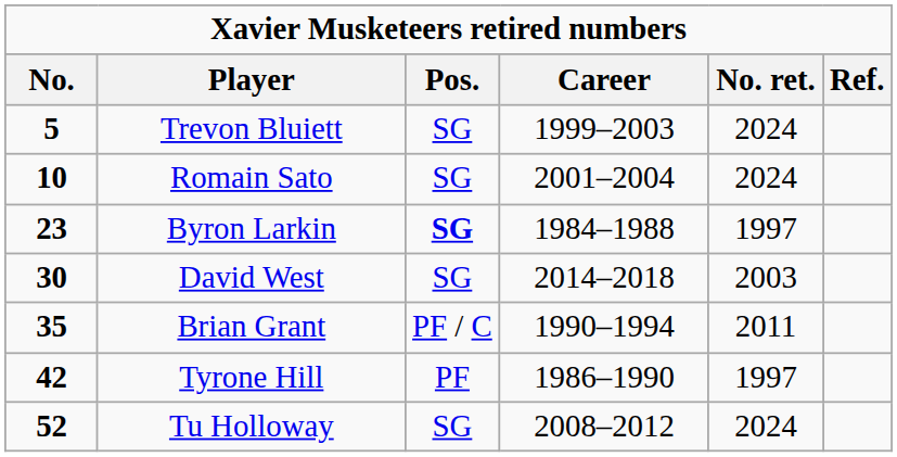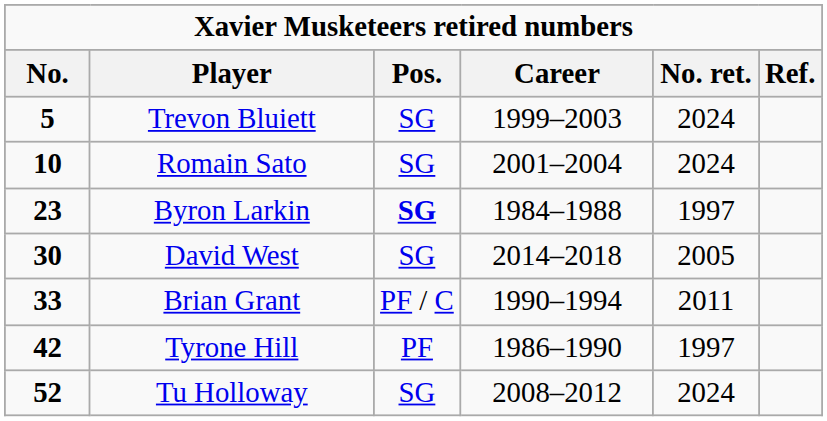 <table class="wikitable sortable" style="text-align:center">
 <tr>
 <td colspan=6><strong>Xavier Musketeers retired numbers</strong></td>
 </tr>
 <tr>
 <th width=40px>No.</th>
 <th width=150px>Player</th>
 <th width=px>Pos.</th>
 <th width=100px>Career</th>
 <th width=px>No. ret.</th>
 <th width=px>Ref.</th>
 </tr>
 <tr>
 <td><strong>5</strong></td>
 <td><a href='#'>Trevon Bluiett</a></td>
 <td><a href='#'>SG</a></td>
 <td>1999–2003</td>
 <td>2024</td>
 <td></td>
 </tr>
 <tr>
 <td><strong>10</strong></td>
 <td><a href='#'>Romain Sato</a></td>
 <td><a href='#'>SG</a></td>
 <td>2001–2004</td>
 <td>2024</td>
 <td></td>
 </tr>
 <tr>
 <td><strong>23</strong></td>
 <td><a href='#'>Byron Larkin</a></td>
 <td><strong><a href='#'>SG</a></strong></td>
 <td>1984–1988</td>
 <td>1997</td>
 <td></td>
 </tr>
 <tr>
 <td><strong>30</strong></td>
 <td><a href='#'>David West</a></td>
 <td><a href='#'>SG</a></td>
 <td>2014–2018</td>
-<td>2003</td>
+<td>2005</td>
 <td></td>
 </tr>
 <tr>
-<td><strong>35</strong></td>
+<td><strong>33</strong></td>
 <td><a href='#'>Brian Grant</a></td>
 <td><a href='#'>PF</a> / <a href='#'>C</a></td>
 <td>1990–1994</td>
 <td>2011</td>
 <td></td>
 </tr>
 <tr>
 <td><strong>42</strong></td>
 <td><a href='#'>Tyrone Hill</a></td>
 <td><a href='#'>PF</a></td>
 <td>1986–1990</td>
 <td>1997</td>
 <td></td>
 </tr>
 <tr>
 <td><strong>52</strong></td>
 <td><a href='#'>Tu Holloway</a></td>
 <td><a href='#'>SG</a></td>
 <td>2008–2012</td>
 <td>2024</td>
 <td></td>
 </tr>
 </table>
